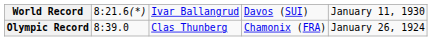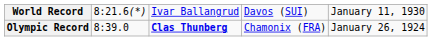 <table class="wikitable" style="font-size:95%;">
 <tr>
 <th>World Record</th>
 <td>8:21.6<em>(*)</em></td>
 <td> <a href='#'>Ivar Ballangrud</a></td>
 <td><a href='#'>Davos</a> (<a href='#'>SUI</a>)</td>
 <td>January 11, 1930</td>
 </tr>
 <tr>
 <th>Olympic Record</th>
 <td>8:39.0</td>
-<td> <a href='#'>Clas Thunberg</a></td>
+<td><strong> <a href='#'>Clas Thunberg</a></strong></td>
 <td><a href='#'>Chamonix</a> (<a href='#'>FRA</a>)</td>
 <td>January 26, 1924</td>
 </tr>
 </table>
